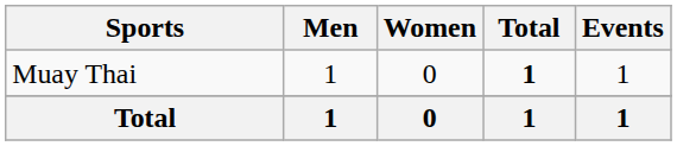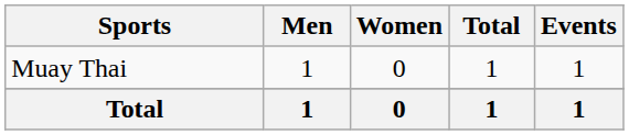 <table class="wikitable sortable" style="text-align:center;">
 <tr>
 <th width=150>Sports</th>
 <th width=45>Men</th>
 <th width=45>Women</th>
 <th width=45>Total</th>
 <th width=45>Events</th>
 </tr>
 <tr>
 <td align=left>Muay Thai</td>
 <td>1</td>
 <td>0</td>
-<td><strong>1</strong></td>
+<td>1</td>
 <td>1</td>
 </tr>
 <tr>
 </tr>
 <tr class="sortbottom">
 <th>Total</th>
 <th>1</th>
 <th>0</th>
 <th>1</th>
 <th>1</th>
 </tr>
 </table>
